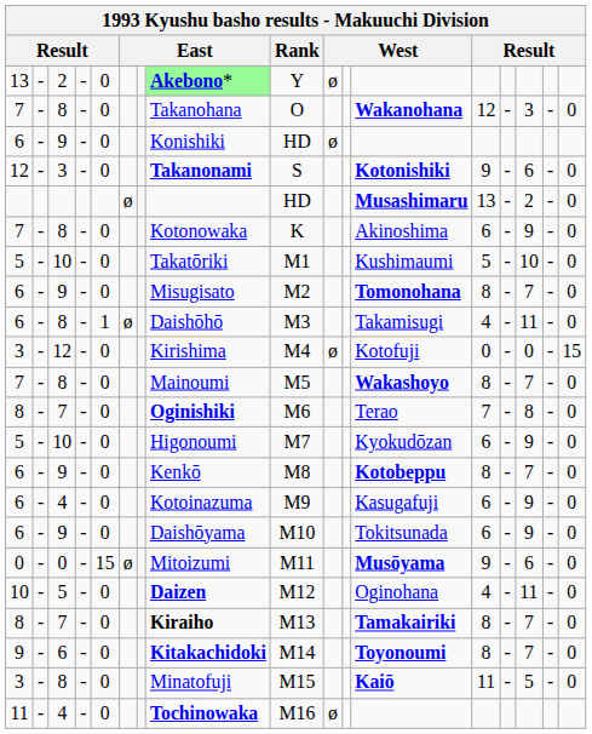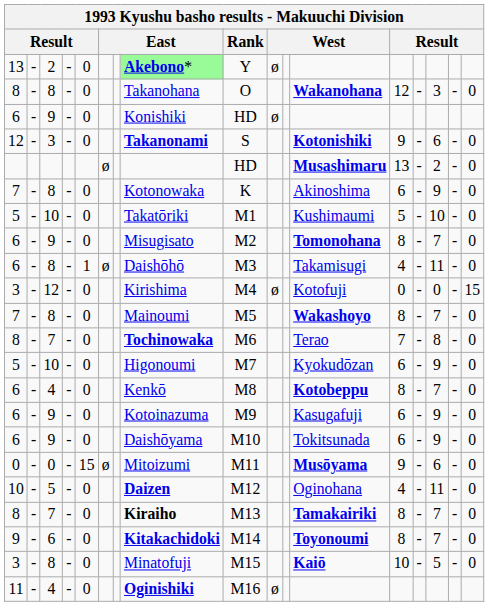 <table class="wikitable">
 <tr>
 <th colspan="17">1993 Kyushu basho results - Makuuchi Division</th>
 </tr>
 <tr>
 <th colspan="5">Result</th>
 <th colspan="3">East</th>
 <th>Rank</th>
 <th colspan="3">West</th>
 <th colspan="5">Result</th>
 </tr>
 <tr>
 <td align=center>13</td>
 <td align=center>-</td>
 <td align=center>2</td>
 <td align=center>-</td>
 <td align=center>0</td>
 <td align=center></td>
 <td align=center></td>
 <td style="background: PaleGreen;"><strong><a href='#'>Akebono</a></strong>*</td>
 <td align=center>Y</td>
 <td align=center>ø</td>
 <td align=center></td>
 <td></td>
 <td align=center></td>
 <td align=center></td>
 <td align=center></td>
 <td align=center></td>
 <td align=center></td>
 </tr>
 <tr>
-<td align=center>7</td>
+<td align=center>8</td>
 <td align=center>-</td>
 <td align=center>8</td>
 <td align=center>-</td>
 <td align=center>0</td>
 <td align=center></td>
 <td align=center></td>
 <td><a href='#'>Takanohana</a></td>
 <td align=center>O</td>
 <td align=center></td>
 <td align=center></td>
 <td><strong><a href='#'>Wakanohana</a></strong></td>
 <td align=center>12</td>
 <td align=center>-</td>
 <td align=center>3</td>
 <td align=center>-</td>
 <td align=center>0</td>
 </tr>
 <tr>
 <td align=center>6</td>
 <td align=center>-</td>
 <td align=center>9</td>
 <td align=center>-</td>
 <td align=center>0</td>
 <td align=center></td>
 <td align=center></td>
 <td><a href='#'>Konishiki</a></td>
 <td align=center>HD</td>
 <td align=center>ø</td>
 <td align=center></td>
 <td></td>
 <td align=center></td>
 <td align=center></td>
 <td align=center></td>
 <td align=center></td>
 <td align=center></td>
 </tr>
 <tr>
 <td align=center>12</td>
 <td align=center>-</td>
 <td align=center>3</td>
 <td align=center>-</td>
 <td align=center>0</td>
 <td align=center></td>
 <td align=center></td>
 <td><strong><a href='#'>Takanonami</a></strong></td>
 <td align=center>S</td>
 <td align=center></td>
 <td align=center></td>
 <td><strong><a href='#'>Kotonishiki</a></strong></td>
 <td align=center>9</td>
 <td align=center>-</td>
 <td align=center>6</td>
 <td align=center>-</td>
 <td align=center>0</td>
 </tr>
 <tr>
 <td align=center></td>
 <td align=center></td>
 <td align=center></td>
 <td align=center></td>
 <td align=center></td>
 <td align=center>ø</td>
 <td align=center></td>
 <td></td>
 <td align=center>HD</td>
 <td align=center></td>
 <td align=center></td>
 <td><strong><a href='#'>Musashimaru</a></strong></td>
 <td align=center>13</td>
 <td align=center>-</td>
 <td align=center>2</td>
 <td align=center>-</td>
 <td align=center>0</td>
 </tr>
 <tr>
 <td align=center>7</td>
 <td align=center>-</td>
 <td align=center>8</td>
 <td align=center>-</td>
 <td align=center>0</td>
 <td align=center></td>
 <td align=center></td>
 <td><a href='#'>Kotonowaka</a></td>
 <td align=center>K</td>
 <td align=center></td>
 <td align=center></td>
 <td><a href='#'>Akinoshima</a></td>
 <td align=center>6</td>
 <td align=center>-</td>
 <td align=center>9</td>
 <td align=center>-</td>
 <td align=center>0</td>
 </tr>
 <tr>
 <td align=center>5</td>
 <td align=center>-</td>
 <td align=center>10</td>
 <td align=center>-</td>
 <td align=center>0</td>
 <td align=center></td>
 <td align=center></td>
 <td><a href='#'>Takatōriki</a></td>
 <td align=center>M1</td>
 <td align=center></td>
 <td align=center></td>
 <td><a href='#'>Kushimaumi</a></td>
 <td align=center>5</td>
 <td align=center>-</td>
 <td align=center>10</td>
 <td align=center>-</td>
 <td align=center>0</td>
 </tr>
 <tr>
 <td align=center>6</td>
 <td align=center>-</td>
 <td align=center>9</td>
 <td align=center>-</td>
 <td align=center>0</td>
 <td align=center></td>
 <td align=center></td>
 <td><a href='#'>Misugisato</a></td>
 <td align=center>M2</td>
 <td align=center></td>
 <td align=center></td>
 <td><strong><a href='#'>Tomonohana</a></strong></td>
 <td align=center>8</td>
 <td align=center>-</td>
 <td align=center>7</td>
 <td align=center>-</td>
 <td align=center>0</td>
 </tr>
 <tr>
 <td align=center>6</td>
 <td align=center>-</td>
 <td align=center>8</td>
 <td align=center>-</td>
 <td align=center>1</td>
 <td align=center>ø</td>
 <td align=center></td>
 <td><a href='#'>Daishōhō</a></td>
 <td align=center>M3</td>
 <td align=center></td>
 <td align=center></td>
 <td><a href='#'>Takamisugi</a></td>
 <td align=center>4</td>
 <td align=center>-</td>
 <td align=center>11</td>
 <td align=center>-</td>
 <td align=center>0</td>
 </tr>
 <tr>
 <td align=center>3</td>
 <td align=center>-</td>
 <td align=center>12</td>
 <td align=center>-</td>
 <td align=center>0</td>
 <td align=center></td>
 <td align=center></td>
 <td><a href='#'>Kirishima</a></td>
 <td align=center>M4</td>
 <td align=center>ø</td>
 <td align=center></td>
 <td><a href='#'>Kotofuji</a></td>
 <td align=center>0</td>
 <td align=center>-</td>
 <td align=center>0</td>
 <td align=center>-</td>
 <td align=center>15</td>
 </tr>
 <tr>
 <td align=center>7</td>
 <td align=center>-</td>
 <td align=center>8</td>
 <td align=center>-</td>
 <td align=center>0</td>
 <td align=center></td>
 <td align=center></td>
 <td><a href='#'>Mainoumi</a></td>
 <td align=center>M5</td>
 <td align=center></td>
 <td align=center></td>
 <td><strong><a href='#'>Wakashoyo</a></strong></td>
 <td align=center>8</td>
 <td align=center>-</td>
 <td align=center>7</td>
 <td align=center>-</td>
 <td align=center>0</td>
 </tr>
 <tr>
 <td align=center>8</td>
 <td align=center>-</td>
 <td align=center>7</td>
 <td align=center>-</td>
 <td align=center>0</td>
 <td align=center></td>
 <td align=center></td>
-<td><strong><a href='#'>Oginishiki</a></strong></td>
+<td><strong><a href='#'>Tochinowaka</a></strong></td>
 <td align=center>M6</td>
 <td align=center></td>
 <td align=center></td>
 <td><a href='#'>Terao</a></td>
 <td align=center>7</td>
 <td align=center>-</td>
 <td align=center>8</td>
 <td align=center>-</td>
 <td align=center>0</td>
 </tr>
 <tr>
 <td align=center>5</td>
 <td align=center>-</td>
 <td align=center>10</td>
 <td align=center>-</td>
 <td align=center>0</td>
 <td align=center></td>
 <td align=center></td>
 <td><a href='#'>Higonoumi</a></td>
 <td align=center>M7</td>
 <td align=center></td>
 <td align=center></td>
 <td><a href='#'>Kyokudōzan</a></td>
 <td align=center>6</td>
 <td align=center>-</td>
 <td align=center>9</td>
 <td align=center>-</td>
 <td align=center>0</td>
 </tr>
 <tr>
 <td align=center>6</td>
 <td align=center>-</td>
-<td align=center>9</td>
+<td align=center>4</td>
 <td align=center>-</td>
 <td align=center>0</td>
 <td align=center></td>
 <td align=center></td>
 <td><a href='#'>Kenkō</a></td>
 <td align=center>M8</td>
 <td align=center></td>
 <td align=center></td>
 <td><strong><a href='#'>Kotobeppu</a></strong></td>
 <td align=center>8</td>
 <td align=center>-</td>
 <td align=center>7</td>
 <td align=center>-</td>
 <td align=center>0</td>
 </tr>
 <tr>
 <td align=center>6</td>
 <td align=center>-</td>
-<td align=center>4</td>
+<td align=center>9</td>
 <td align=center>-</td>
 <td align=center>0</td>
 <td align=center></td>
 <td align=center></td>
 <td><a href='#'>Kotoinazuma</a></td>
 <td align=center>M9</td>
 <td align=center></td>
 <td align=center></td>
 <td><a href='#'>Kasugafuji</a></td>
 <td align=center>6</td>
 <td align=center>-</td>
 <td align=center>9</td>
 <td align=center>-</td>
 <td align=center>0</td>
 </tr>
 <tr>
 <td align=center>6</td>
 <td align=center>-</td>
 <td align=center>9</td>
 <td align=center>-</td>
 <td align=center>0</td>
 <td align=center></td>
 <td align=center></td>
 <td><a href='#'>Daishōyama</a></td>
 <td align=center>M10</td>
 <td align=center></td>
 <td align=center></td>
 <td><a href='#'>Tokitsunada</a></td>
 <td align=center>6</td>
 <td align=center>-</td>
 <td align=center>9</td>
 <td align=center>-</td>
 <td align=center>0</td>
 </tr>
 <tr>
 <td align=center>0</td>
 <td align=center>-</td>
 <td align=center>0</td>
 <td align=center>-</td>
 <td align=center>15</td>
 <td align=center>ø</td>
 <td align=center></td>
 <td><a href='#'>Mitoizumi</a></td>
 <td align=center>M11</td>
 <td align=center></td>
 <td align=center></td>
 <td><strong><a href='#'>Musōyama</a></strong></td>
 <td align=center>9</td>
 <td align=center>-</td>
 <td align=center>6</td>
 <td align=center>-</td>
 <td align=center>0</td>
 </tr>
 <tr>
 <td align=center>10</td>
 <td align=center>-</td>
 <td align=center>5</td>
 <td align=center>-</td>
 <td align=center>0</td>
 <td align=center></td>
 <td align=center></td>
 <td><strong><a href='#'>Daizen</a></strong></td>
 <td align=center>M12</td>
 <td align=center></td>
 <td align=center></td>
 <td><a href='#'>Oginohana</a></td>
 <td align=center>4</td>
 <td align=center>-</td>
 <td align=center>11</td>
 <td align=center>-</td>
 <td align=center>0</td>
 </tr>
 <tr>
 <td align=center>8</td>
 <td align=center>-</td>
 <td align=center>7</td>
 <td align=center>-</td>
 <td align=center>0</td>
 <td align=center></td>
 <td align=center></td>
 <td><strong>Kiraiho</strong></td>
 <td align=center>M13</td>
 <td align=center></td>
 <td align=center></td>
 <td><strong><a href='#'>Tamakairiki</a></strong></td>
 <td align=center>8</td>
 <td align=center>-</td>
 <td align=center>7</td>
 <td align=center>-</td>
 <td align=center>0</td>
 </tr>
 <tr>
 <td align=center>9</td>
 <td align=center>-</td>
 <td align=center>6</td>
 <td align=center>-</td>
 <td align=center>0</td>
 <td align=center></td>
 <td align=center></td>
 <td><strong><a href='#'>Kitakachidoki</a></strong></td>
 <td align=center>M14</td>
 <td align=center></td>
 <td align=center></td>
 <td><strong><a href='#'>Toyonoumi</a></strong></td>
 <td align=center>8</td>
 <td align=center>-</td>
 <td align=center>7</td>
 <td align=center>-</td>
 <td align=center>0</td>
 </tr>
 <tr>
 <td align=center>3</td>
 <td align=center>-</td>
 <td align=center>8</td>
 <td align=center>-</td>
 <td align=center>0</td>
 <td align=center></td>
 <td align=center></td>
 <td><a href='#'>Minatofuji</a></td>
 <td align=center>M15</td>
 <td align=center></td>
 <td align=center></td>
 <td><strong><a href='#'>Kaiō</a></strong></td>
-<td align=center>11</td>
+<td align=center>10</td>
 <td align=center>-</td>
 <td align=center>5</td>
 <td align=center>-</td>
 <td align=center>0</td>
 </tr>
 <tr>
 <td align=center>11</td>
 <td align=center>-</td>
 <td align=center>4</td>
 <td align=center>-</td>
 <td align=center>0</td>
 <td align=center></td>
 <td align=center></td>
-<td><strong><a href='#'>Tochinowaka</a></strong></td>
+<td><strong><a href='#'>Oginishiki</a></strong></td>
 <td align=center>M16</td>
 <td align=center>ø</td>
 <td align=center></td>
 <td></td>
 <td align=center></td>
 <td align=center></td>
 <td align=center></td>
 <td align=center></td>
 <td align=center></td>
 </tr>
 </table>
